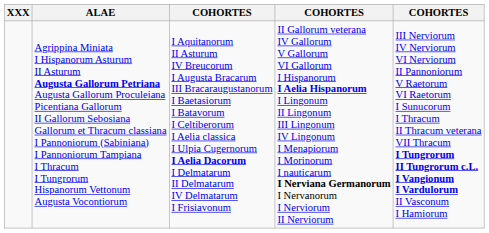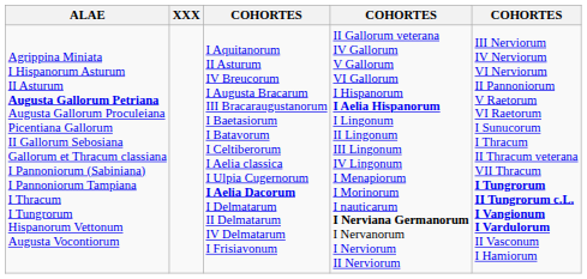 <table class=wikitable>
 <tr>
+<th>ALAE</th>
 <th>XXX</th>
-<th>ALAE</th>
 <th>COHORTES</th>
 <th>COHORTES</th>
 <th>COHORTES</th>
 </tr>
 <tr>
+<td><a href='#'>Agrippina Miniata</a><br><a href='#'>I Hispanorum Asturum</a><br><a href='#'>II Asturum</a><br><strong><a href='#'>Augusta Gallorum Petriana</a></strong><br><a href='#'>Augusta Gallorum Proculeiana</a><br><a href='#'>Picentiana Gallorum</a><br><a href='#'>II Gallorum Sebosiana</a><br><a href='#'>Gallorum et Thracum classiana</a><br><a href='#'>I Pannoniorum (Sabiniana)</a><br><a href='#'>I Pannoniorum Tampiana</a><br><a href='#'>I Thracum</a><br><a href='#'>I Tungrorum</a><br><a href='#'>Hispanorum Vettonum</a><br><a href='#'>Augusta Vocontiorum</a></td>
 <td></td>
-<td><a href='#'>Agrippina Miniata</a><br><a href='#'>I Hispanorum Asturum</a><br><a href='#'>II Asturum</a><br><strong><a href='#'>Augusta Gallorum Petriana</a></strong><br><a href='#'>Augusta Gallorum Proculeiana</a><br><a href='#'>Picentiana Gallorum</a><br><a href='#'>II Gallorum Sebosiana</a><br><a href='#'>Gallorum et Thracum classiana</a><br><a href='#'>I Pannoniorum (Sabiniana)</a><br><a href='#'>I Pannoniorum Tampiana</a><br><a href='#'>I Thracum</a><br><a href='#'>I Tungrorum</a><br><a href='#'>Hispanorum Vettonum</a><br><a href='#'>Augusta Vocontiorum</a></td>
 <td><a href='#'>I Aquitanorum</a><br><a href='#'>II Asturum</a> <br><a href='#'>IV Breucorum</a><br><a href='#'>I Augusta Bracarum</a><br><a href='#'>III Bracaraugustanorum</a><br><a href='#'>I Baetasiorum</a> <br><a href='#'>I Batavorum</a> <br><a href='#'>I Celtiberorum</a><br><a href='#'>I Aelia classica</a><br><a href='#'>I Ulpia Cugernorum</a> <br><strong><a href='#'>I Aelia Dacorum</a></strong><br><a href='#'>I Delmatarum</a><br><a href='#'>II Delmatarum</a><br><a href='#'>IV Delmatarum</a><br><a href='#'>I Frisiavonum</a></td>
 <td><a href='#'>II Gallorum veterana </a><br><a href='#'>IV Gallorum</a> <br><a href='#'>V Gallorum</a><br><a href='#'>VI Gallorum</a><br><a href='#'>I Hispanorum</a> <br><strong><a href='#'>I Aelia Hispanorum</a> </strong><br><a href='#'>I Lingonum</a> <br><a href='#'>II Lingonum</a> <br><a href='#'>III Lingonum</a> <br><a href='#'>IV Lingonum</a> <br><a href='#'>I Menapiorum</a><br><a href='#'>I Morinorum</a><br><a href='#'>I nauticarum</a><br><strong>I Nerviana Germanorum </strong><br>I Nervanorum<br><a href='#'>I Nerviorum</a><br><a href='#'>II Nerviorum</a></td>
 <td><a href='#'>III Nerviorum</a><br><a href='#'>IV Nerviorum</a><br><a href='#'>VI Nerviorum</a><br><a href='#'>II Pannoniorum</a><br><a href='#'>V Raetorum</a><br><a href='#'>VI Raetorum</a><br><a href='#'>I Sunucorum</a><br><a href='#'>I Thracum</a><br><a href='#'>II Thracum veterana</a><br><a href='#'>VII Thracum</a><br><strong><a href='#'>I Tungrorum</a></strong><br><strong><a href='#'>II Tungrorum c.L.</a> </strong><br><strong><a href='#'>I Vangionum</a> </strong><br><strong><a href='#'>I Vardulorum</a>  </strong><br><a href='#'>II Vasconum</a> <br><a href='#'>I Hamiorum</a>  </td>
 </tr>
 </table>
